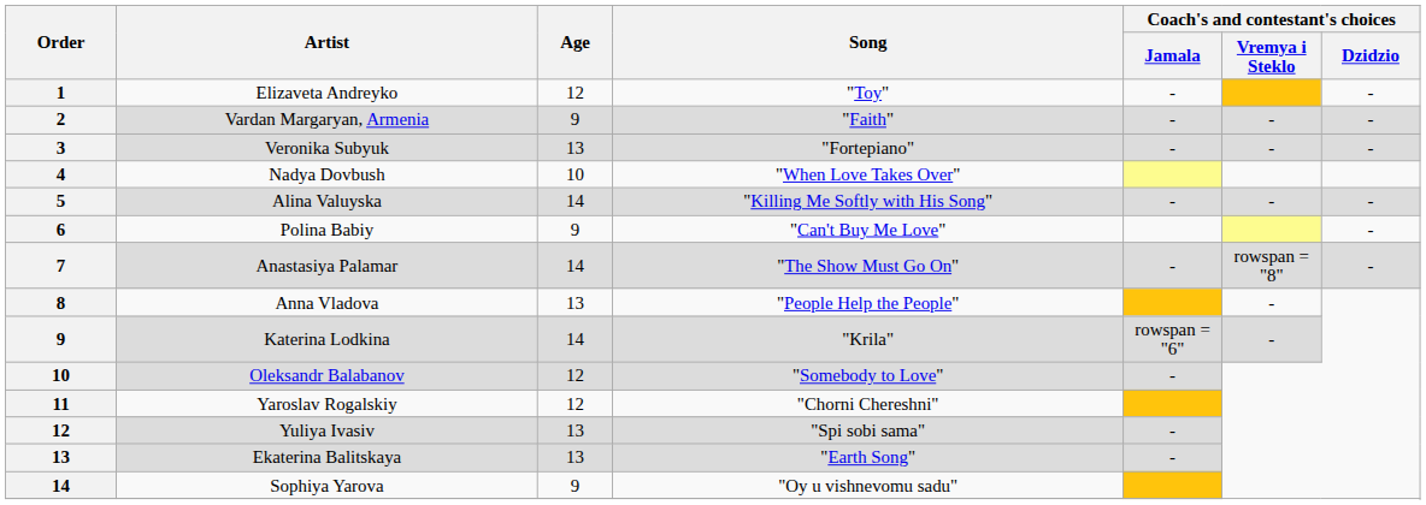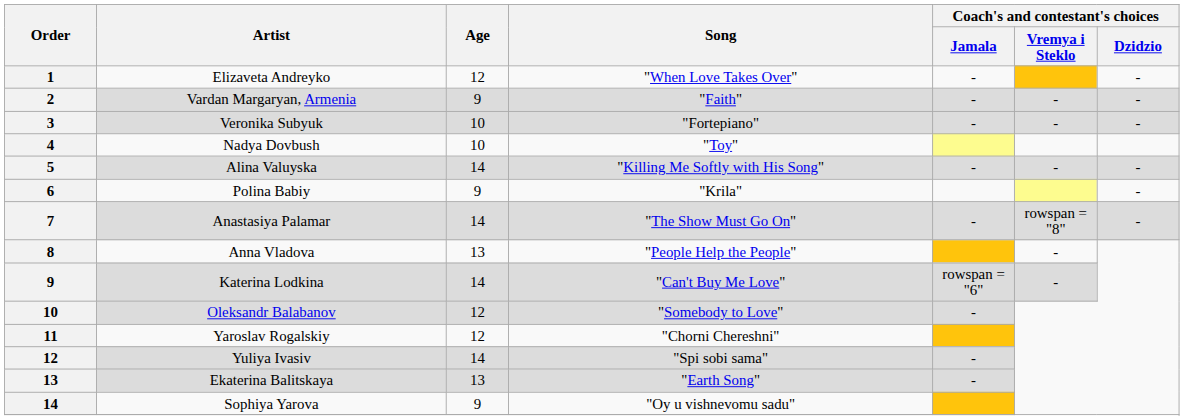 <table class="wikitable" style="text-align:center; line-height:17px; width:100%;">
 <tr>
 <th scope="col" rowspan="2" style="width=05%;">Order</th>
 <th scope="col" rowspan="2" style="width=20%;">Artist</th>
 <th scope="col" rowspan="2" style="width=05%;">Age</th>
 <th scope="col" rowspan="2" style="width=22%;">Song</th>
 <th scope="col" colspan="4" style="width=28%;">Coach's and contestant's choices</th>
 </tr>
 <tr>
 <th width="07%"><a href='#'>Jamala</a></th>
 <th width="07%"><a href='#'>Vremya i Steklo</a></th>
 <th width="07%"><a href='#'>Dzidzio</a></th>
 </tr>
 <tr id="4_1">
 <th>1</th>
 <td>Elizaveta Andreyko</td>
 <td>12</td>
-<td>"<a href='#'>Toy</a>"</td>
+<td>"<a href='#'>When Love Takes Over</a>"</td>
 <td>-</td>
 <td style="background:#ffc40c;"><strong></strong></td>
 <td>-</td>
 </tr>
 <tr style="background:#DCDCDC;">
 <th>2</th>
 <td>Vardan Margaryan, <a href='#'>Armenia</a></td>
 <td>9</td>
 <td>"<a href='#'>Faith</a>"</td>
 <td>-</td>
 <td>-</td>
 <td>-</td>
 </tr>
 <tr style="background:#DCDCDC;">
 <th>3</th>
 <td>Veronika Subyuk</td>
-<td>13</td>
+<td>10</td>
 <td>"Fortepiano"</td>
 <td>-</td>
 <td>-</td>
 <td>-</td>
 </tr>
 <tr id="4_4">
 <th>4</th>
 <td>Nadya Dovbush</td>
 <td>10</td>
-<td>"<a href='#'>When Love Takes Over</a>"</td>
+<td>"<a href='#'>Toy</a>"</td>
 <td style="background:#fdfc8f;"><strong></strong></td>
 <td><strong></strong></td>
 <td><strong></strong></td>
 </tr>
 <tr style="background:#DCDCDC;">
 <th>5</th>
 <td>Alina Valuyska</td>
 <td>14</td>
 <td>"<a href='#'>Killing Me Softly with His Song</a>"</td>
 <td>-</td>
 <td>-</td>
 <td>-</td>
 </tr>
 <tr id="4_6">
 <th>6</th>
 <td>Polina Babiy</td>
 <td>9</td>
-<td>"<a href='#'>Can't Buy Me Love</a>"</td>
+<td>"Krila"</td>
 <td><strong></strong></td>
 <td style="background:#fdfc8f;"><strong></strong></td>
 <td>-</td>
 </tr>
 <tr style="background:#DCDCDC;">
 <th>7</th>
 <td>Anastasiya Palamar</td>
 <td>14</td>
 <td>"<a href='#'>The Show Must Go On</a>"</td>
 <td>-</td>
 <td>rowspan = "8" </td>
 <td>-</td>
 </tr>
 <tr id="4_8">
 <th>8</th>
 <td>Anna Vladova</td>
 <td>13</td>
 <td>"<a href='#'>People Help the People</a>"</td>
 <td style="background:#ffc40c;"><strong></strong></td>
 <td>-</td>
 </tr>
 <tr style="background:#DCDCDC;">
 <th>9</th>
 <td>Katerina Lodkina</td>
 <td>14</td>
-<td>"Krila"</td>
+<td>"<a href='#'>Can't Buy Me Love</a>"</td>
 <td>rowspan = "6" </td>
 <td>-</td>
 </tr>
 <tr style="background:#DCDCDC;">
 <th>10</th>
 <td><a href='#'>Oleksandr Balabanov</a></td>
 <td>12</td>
 <td>"<a href='#'>Somebody to Love</a>"</td>
 <td>-</td>
 </tr>
 <tr id="4_11">
 <th>11</th>
 <td>Yaroslav Rogalskiy</td>
 <td>12</td>
 <td>"Chorni Chereshni"</td>
 <td style="background:#ffc40c;"><strong></strong></td>
 </tr>
 <tr style="background:#DCDCDC;">
 <th>12</th>
 <td>Yuliya Ivasiv</td>
-<td>13</td>
+<td>14</td>
 <td>"Spi sobi sama"</td>
 <td>-</td>
 </tr>
 <tr style="background:#DCDCDC;">
 <th>13</th>
 <td>Ekaterina Balitskaya</td>
 <td>13</td>
 <td>"<a href='#'>Earth Song</a>"</td>
 <td>-</td>
 </tr>
 <tr id="4_14">
 <th>14</th>
 <td>Sophiya Yarova</td>
 <td>9</td>
 <td>"Oy u vishnevomu sadu"</td>
 <td style="background:#ffc40c;"><strong></strong></td>
 </tr>
 <tr>
 </tr>
 </table>
